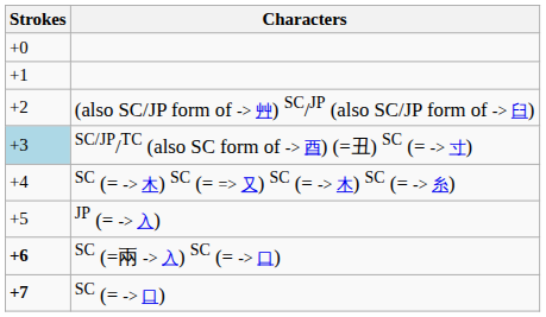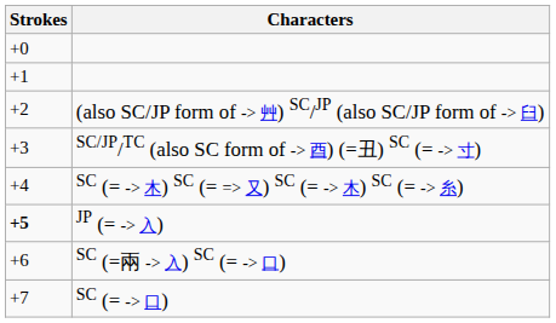 <table class="wikitable">
 <tr>
 <th>Strokes</th>
 <th>Characters</th>
 </tr>
 <tr --->
 <td>+0</td>
 <td style="font-size: large;"></td>
 </tr>
 <tr --->
 <td>+1</td>
 <td style="font-size: large;">     </td>
 </tr>
 <tr --->
 <td>+2</td>
 <td style="font-size: large;"> (also SC/JP form of  <small>-> <a href='#'>艸</a></small>)      <sup>SC</sup>/<sup>JP</sup> (also SC/JP form of  <small>-> <a href='#'>臼</a></small>)</td>
 </tr>
 <tr --->
-<td style="background: lightblue;">+3</td>
+<td>+3</td>
 <td style="font-size: large;">   <sup>SC/JP</sup>/<sup>TC</sup> (also SC form of  <small>-> <a href='#'>酉</a></small>)  (=丑) <sup>SC</sup> (= <small>-> <a href='#'>寸</a></small>)</td>
 </tr>
 <tr -->
 <td>+4</td>
 <td style="font-size: large;">     <sup>SC</sup> (= <small>-> <a href='#'>木</a></small>) <sup>SC</sup> (= <small>=> <a href='#'>又</a></small>) <sup>SC</sup> (= <small>-> <a href='#'>木</a></small>) <sup>SC</sup> (= <small>-> <a href='#'>糸</a></small>)</td>
 </tr>
 <tr --->
-<td>+5</td>
+<td><strong>+5</strong></td>
 <td style="font-size: large;">   <sup>JP</sup> (= <small>-> <a href='#'>入</a></small>)</td>
 </tr>
 <tr --->
-<td><strong>+6</strong></td>
+<td>+6</td>
 <td style="font-size: large;"> <sup>SC</sup> (=兩 <small>-> <a href='#'>入</a></small>) <sup>SC</sup> (= <small>-> <a href='#'>口</a></small>)</td>
 </tr>
 <tr --->
-<td><strong>+7</strong></td>
+<td>+7</td>
 <td style="font-size: large;"> <sup>SC</sup> (= <small>-> <a href='#'>口</a></small>)</td>
 </tr>
 </table>
